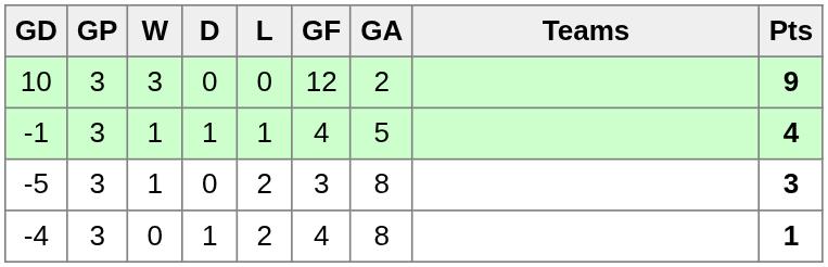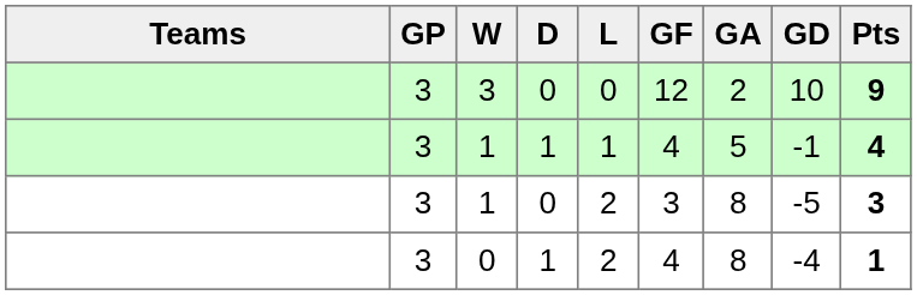 <table style=border-collapse:collapse border=1 cellspacing=0 cellpadding=5>
 <tr align=center bgcolor=#efefef>
-<th width=20>GD</th>
+<th width=185>Teams</th>
 <th width=20>GP</th>
 <th width=20>W</th>
 <th width=20>D</th>
 <th width=20>L</th>
 <th width=20>GF</th>
 <th width=20>GA</th>
-<th width=185>Teams</th>
+<th width=20>GD</th>
 <th width=20>Pts</th>
 </tr>
 <tr align=center style="background:#ccffcc;">
-<td>10</td>
+<td style="text-align:left;"></td>
 <td>3</td>
 <td>3</td>
 <td>0</td>
 <td>0</td>
 <td>12</td>
 <td>2</td>
-<td style="text-align:left;"></td>
+<td>10</td>
 <td><strong>9</strong></td>
 </tr>
 <tr align=center style="background:#ccffcc;">
-<td>-1</td>
+<td style="text-align:left;"></td>
 <td>3</td>
 <td>1</td>
 <td>1</td>
 <td>1</td>
 <td>4</td>
 <td>5</td>
-<td style="text-align:left;"></td>
+<td>-1</td>
 <td><strong>4</strong></td>
 </tr>
 <tr align=center>
-<td>-5</td>
+<td style="text-align:left;"></td>
 <td>3</td>
 <td>1</td>
 <td>0</td>
 <td>2</td>
 <td>3</td>
 <td>8</td>
-<td style="text-align:left;"></td>
+<td>-5</td>
 <td><strong>3</strong></td>
 </tr>
 <tr align=center>
-<td>-4</td>
+<td style="text-align:left;"></td>
 <td>3</td>
 <td>0</td>
 <td>1</td>
 <td>2</td>
 <td>4</td>
 <td>8</td>
-<td style="text-align:left;"></td>
+<td>-4</td>
 <td><strong>1</strong></td>
 </tr>
 </table>
